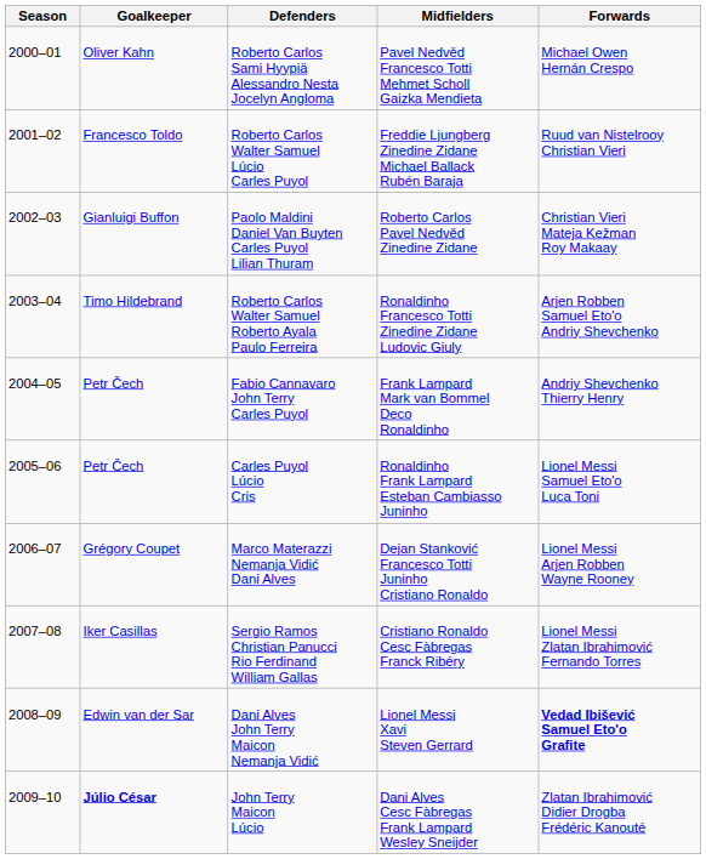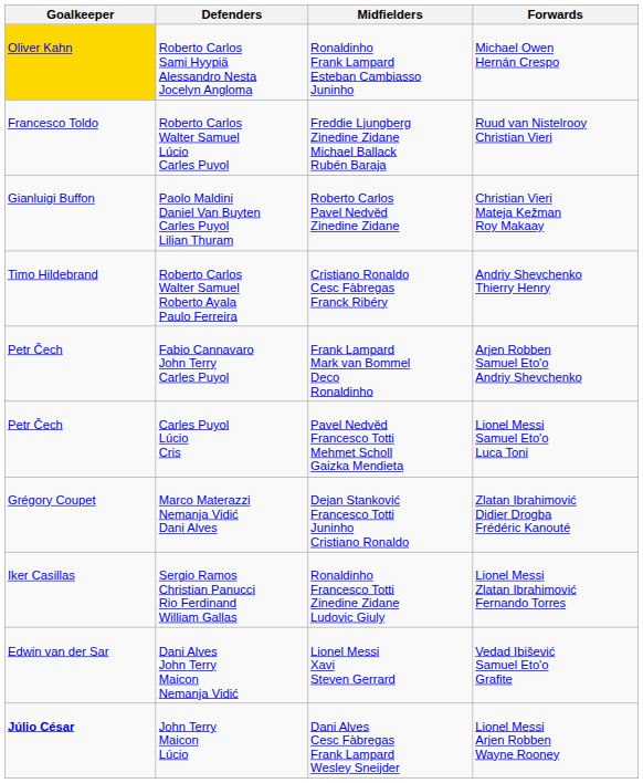 <table class="wikitable" width="820">
 <tr>
-<th>Season</th>
 <th>Goalkeeper</th>
 <th>Defenders</th>
 <th>Midfielders</th>
 <th>Forwards</th>
 </tr>
 <tr>
-<td valign=top><br>2000–01</td>
-<td valign=top><br> <a href='#'>Oliver Kahn</a></td>
+<td valign=top style="background: gold;"><br> <a href='#'>Oliver Kahn</a></td>
 <td valign=top><br> <a href='#'>Roberto Carlos</a><br>  <a href='#'>Sami Hyypiä</a><br>  <a href='#'>Alessandro Nesta</a><br>  <a href='#'>Jocelyn Angloma</a></td>
-<td valign=top><br> <a href='#'>Pavel Nedvěd</a><br>  <a href='#'>Francesco Totti</a><br>  <a href='#'>Mehmet Scholl</a><br>  <a href='#'>Gaizka Mendieta</a></td>
+<td valign=top><br> <a href='#'>Ronaldinho</a><br>  <a href='#'>Frank Lampard</a><br>  <a href='#'>Esteban Cambiasso</a><br>  <a href='#'>Juninho</a></td>
 <td valign=top><br> <a href='#'>Michael Owen</a><br>  <a href='#'>Hernán Crespo</a></td>
 </tr>
 <tr>
-<td valign=top><br>2001–02</td>
 <td valign=top><br> <a href='#'>Francesco Toldo</a></td>
 <td valign=top><br> <a href='#'>Roberto Carlos</a><br>  <a href='#'>Walter Samuel</a><br>  <a href='#'>Lúcio</a><br>  <a href='#'>Carles Puyol</a></td>
 <td valign=top><br> <a href='#'>Freddie Ljungberg</a><br>  <a href='#'>Zinedine Zidane</a><br>  <a href='#'>Michael Ballack</a><br>  <a href='#'>Rubén Baraja</a></td>
 <td valign=top><br> <a href='#'>Ruud van Nistelrooy</a><br>  <a href='#'>Christian Vieri</a></td>
 </tr>
 <tr>
-<td valign=top><br>2002–03</td>
 <td valign=top><br> <a href='#'>Gianluigi Buffon</a></td>
 <td valign=top><br> <a href='#'>Paolo Maldini</a><br>  <a href='#'>Daniel Van Buyten</a><br>  <a href='#'>Carles Puyol</a><br>  <a href='#'>Lilian Thuram</a></td>
 <td valign=top><br> <a href='#'>Roberto Carlos</a><br>  <a href='#'>Pavel Nedvěd</a><br>  <a href='#'>Zinedine Zidane</a></td>
 <td valign=top><br> <a href='#'>Christian Vieri</a><br>  <a href='#'>Mateja Kežman</a><br>  <a href='#'>Roy Makaay</a></td>
 </tr>
 <tr>
-<td valign=top><br>2003–04</td>
 <td valign=top><br> <a href='#'>Timo Hildebrand</a></td>
 <td valign=top><br> <a href='#'>Roberto Carlos</a><br>  <a href='#'>Walter Samuel</a><br>  <a href='#'>Roberto Ayala</a><br>  <a href='#'>Paulo Ferreira</a></td>
-<td valign=top><br> <a href='#'>Ronaldinho</a><br>  <a href='#'>Francesco Totti</a><br>  <a href='#'>Zinedine Zidane</a><br>  <a href='#'>Ludovic Giuly</a></td>
+<td valign=top><br> <a href='#'>Cristiano Ronaldo</a><br>  <a href='#'>Cesc Fàbregas</a><br>  <a href='#'>Franck Ribéry</a></td>
+<td valign=top><br> <a href='#'>Andriy Shevchenko</a><br>  <a href='#'>Thierry Henry</a></td>
+</tr>
+<tr>
+<td valign=top><br> <a href='#'>Petr Čech</a></td>
+<td valign=top><br> <a href='#'>Fabio Cannavaro</a><br>  <a href='#'>John Terry</a><br>  <a href='#'>Carles Puyol</a></td>
+<td valign=top><br> <a href='#'>Frank Lampard</a><br>  <a href='#'>Mark van Bommel</a><br>  <a href='#'>Deco</a><br>  <a href='#'>Ronaldinho</a></td>
 <td valign=top><br> <a href='#'>Arjen Robben</a><br>  <a href='#'>Samuel Eto'o</a><br>  <a href='#'>Andriy Shevchenko</a></td>
 </tr>
 <tr>
-<td valign=top><br>2004–05</td>
-<td valign=top><br> <a href='#'>Petr Čech</a></td>
-<td valign=top><br> <a href='#'>Fabio Cannavaro</a><br>  <a href='#'>John Terry</a><br>  <a href='#'>Carles Puyol</a></td>
-<td valign=top><br> <a href='#'>Frank Lampard</a><br>  <a href='#'>Mark van Bommel</a><br>  <a href='#'>Deco</a><br>  <a href='#'>Ronaldinho</a></td>
-<td valign=top><br> <a href='#'>Andriy Shevchenko</a><br>  <a href='#'>Thierry Henry</a></td>
-</tr>
-<tr>
-<td valign=top><br>2005–06</td>
 <td valign=top><br> <a href='#'>Petr Čech</a></td>
 <td valign=top><br> <a href='#'>Carles Puyol</a><br>  <a href='#'>Lúcio</a><br>  <a href='#'>Cris</a></td>
-<td valign=top><br> <a href='#'>Ronaldinho</a><br>  <a href='#'>Frank Lampard</a><br>  <a href='#'>Esteban Cambiasso</a><br>  <a href='#'>Juninho</a></td>
+<td valign=top><br> <a href='#'>Pavel Nedvěd</a><br>  <a href='#'>Francesco Totti</a><br>  <a href='#'>Mehmet Scholl</a><br>  <a href='#'>Gaizka Mendieta</a></td>
 <td valign=top><br> <a href='#'>Lionel Messi</a><br>  <a href='#'>Samuel Eto'o</a><br>  <a href='#'>Luca Toni</a></td>
 </tr>
 <tr>
-<td valign=top><br>2006–07</td>
 <td valign=top><br> <a href='#'>Grégory Coupet</a></td>
 <td valign=top><br> <a href='#'>Marco Materazzi</a><br>  <a href='#'>Nemanja Vidić</a><br>  <a href='#'>Dani Alves</a></td>
 <td valign=top><br> <a href='#'>Dejan Stanković</a><br>  <a href='#'>Francesco Totti</a><br>  <a href='#'>Juninho</a><br>  <a href='#'>Cristiano Ronaldo</a></td>
-<td valign=top><br> <a href='#'>Lionel Messi</a><br>  <a href='#'>Arjen Robben</a><br>  <a href='#'>Wayne Rooney</a></td>
+<td valign=top><br> <a href='#'>Zlatan Ibrahimović</a><br>  <a href='#'>Didier Drogba</a><br>  <a href='#'>Frédéric Kanouté</a></td>
 </tr>
 <tr>
-<td valign=top><br>2007–08</td>
 <td valign=top><br> <a href='#'>Iker Casillas</a></td>
 <td valign=top><br> <a href='#'>Sergio Ramos</a><br>  <a href='#'>Christian Panucci</a><br>  <a href='#'>Rio Ferdinand</a><br>  <a href='#'>William Gallas</a></td>
-<td valign=top><br> <a href='#'>Cristiano Ronaldo</a><br>  <a href='#'>Cesc Fàbregas</a><br>  <a href='#'>Franck Ribéry</a></td>
+<td valign=top><br> <a href='#'>Ronaldinho</a><br>  <a href='#'>Francesco Totti</a><br>  <a href='#'>Zinedine Zidane</a><br>  <a href='#'>Ludovic Giuly</a></td>
 <td valign=top><br> <a href='#'>Lionel Messi</a><br>  <a href='#'>Zlatan Ibrahimović</a><br>  <a href='#'>Fernando Torres</a></td>
 </tr>
 <tr>
-<td valign=top><br>2008–09</td>
 <td valign=top><br> <a href='#'>Edwin van der Sar</a></td>
 <td valign=top><br> <a href='#'>Dani Alves</a><br>  <a href='#'>John Terry</a><br>  <a href='#'>Maicon</a><br>  <a href='#'>Nemanja Vidić</a></td>
 <td valign=top><br> <a href='#'>Lionel Messi</a><br>  <a href='#'>Xavi</a><br>  <a href='#'>Steven Gerrard</a></td>
-<td valign=top><strong><br> <a href='#'>Vedad Ibišević</a><br>  <a href='#'>Samuel Eto'o</a><br>  <a href='#'>Grafite</a></strong></td>
+<td valign=top><br> <a href='#'>Vedad Ibišević</a><br>  <a href='#'>Samuel Eto'o</a><br>  <a href='#'>Grafite</a></td>
 </tr>
 <tr>
-<td valign=top><br>2009–10<br></td>
 <td valign=top><strong><br> <a href='#'>Júlio César</a></strong></td>
 <td valign=top><br> <a href='#'>John Terry</a><br>  <a href='#'>Maicon</a><br>  <a href='#'>Lúcio</a></td>
 <td valign=top><br> <a href='#'>Dani Alves</a><br>  <a href='#'>Cesc Fàbregas</a><br>  <a href='#'>Frank Lampard</a><br>  <a href='#'>Wesley Sneijder</a></td>
-<td valign=top><br> <a href='#'>Zlatan Ibrahimović</a><br>  <a href='#'>Didier Drogba</a><br>  <a href='#'>Frédéric Kanouté</a></td>
+<td valign=top><br> <a href='#'>Lionel Messi</a><br>  <a href='#'>Arjen Robben</a><br>  <a href='#'>Wayne Rooney</a></td>
 </tr>
 </table>
